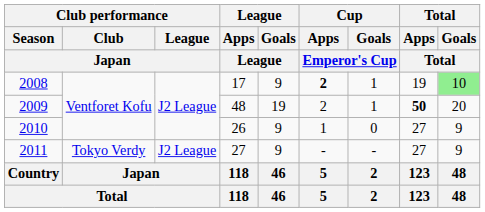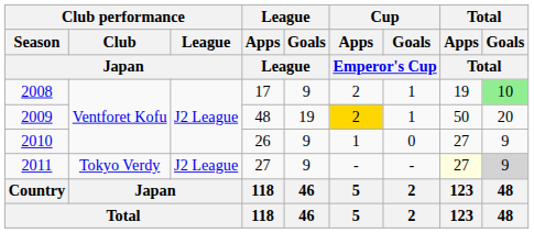 <table class="wikitable" style="text-align:center;">
 <tr>
 <th colspan=3>Club performance</th>
 <th colspan=2>League</th>
 <th colspan=2>Cup</th>
 <th colspan=2>Total</th>
 </tr>
 <tr>
 <th>Season</th>
 <th>Club</th>
 <th>League</th>
 <th>Apps</th>
 <th>Goals</th>
 <th>Apps</th>
 <th>Goals</th>
 <th>Apps</th>
 <th>Goals</th>
 </tr>
 <tr>
 <th colspan=3>Japan</th>
 <th colspan=2>League</th>
 <th colspan=2><a href='#'>Emperor's Cup</a></th>
 <th colspan=2>Total</th>
 </tr>
 <tr>
 <td><a href='#'>2008</a></td>
 <td rowspan="3"><a href='#'>Ventforet Kofu</a></td>
 <td rowspan="3"><a href='#'>J2 League</a></td>
 <td>17</td>
 <td>9</td>
-<td><strong>2</strong></td>
+<td>2</td>
 <td>1</td>
 <td>19</td>
 <td style="background: lightgreen;">10</td>
 </tr>
 <tr>
 <td><a href='#'>2009</a></td>
 <td>48</td>
 <td>19</td>
-<td>2</td>
+<td style="background: gold;">2</td>
 <td>1</td>
-<td><strong>50</strong></td>
+<td>50</td>
 <td>20</td>
 </tr>
 <tr>
 <td><a href='#'>2010</a></td>
 <td>26</td>
 <td>9</td>
 <td>1</td>
 <td>0</td>
 <td>27</td>
 <td>9</td>
 </tr>
 <tr>
 <td><a href='#'>2011</a></td>
 <td><a href='#'>Tokyo Verdy</a></td>
 <td><a href='#'>J2 League</a></td>
 <td>27</td>
 <td>9</td>
 <td>-</td>
 <td>-</td>
-<td>27</td>
-<td>9</td>
+<td style="background: lightyellow;">27</td>
+<td style="background: lightgrey;">9</td>
 </tr>
 <tr>
 <th rowspan=1>Country</th>
 <th colspan=2>Japan</th>
 <th>118</th>
 <th>46</th>
 <th>5</th>
 <th>2</th>
 <th>123</th>
 <th>48</th>
 </tr>
 <tr>
 <th colspan=3>Total</th>
 <th>118</th>
 <th>46</th>
 <th>5</th>
 <th>2</th>
 <th>123</th>
 <th>48</th>
 </tr>
 </table>
